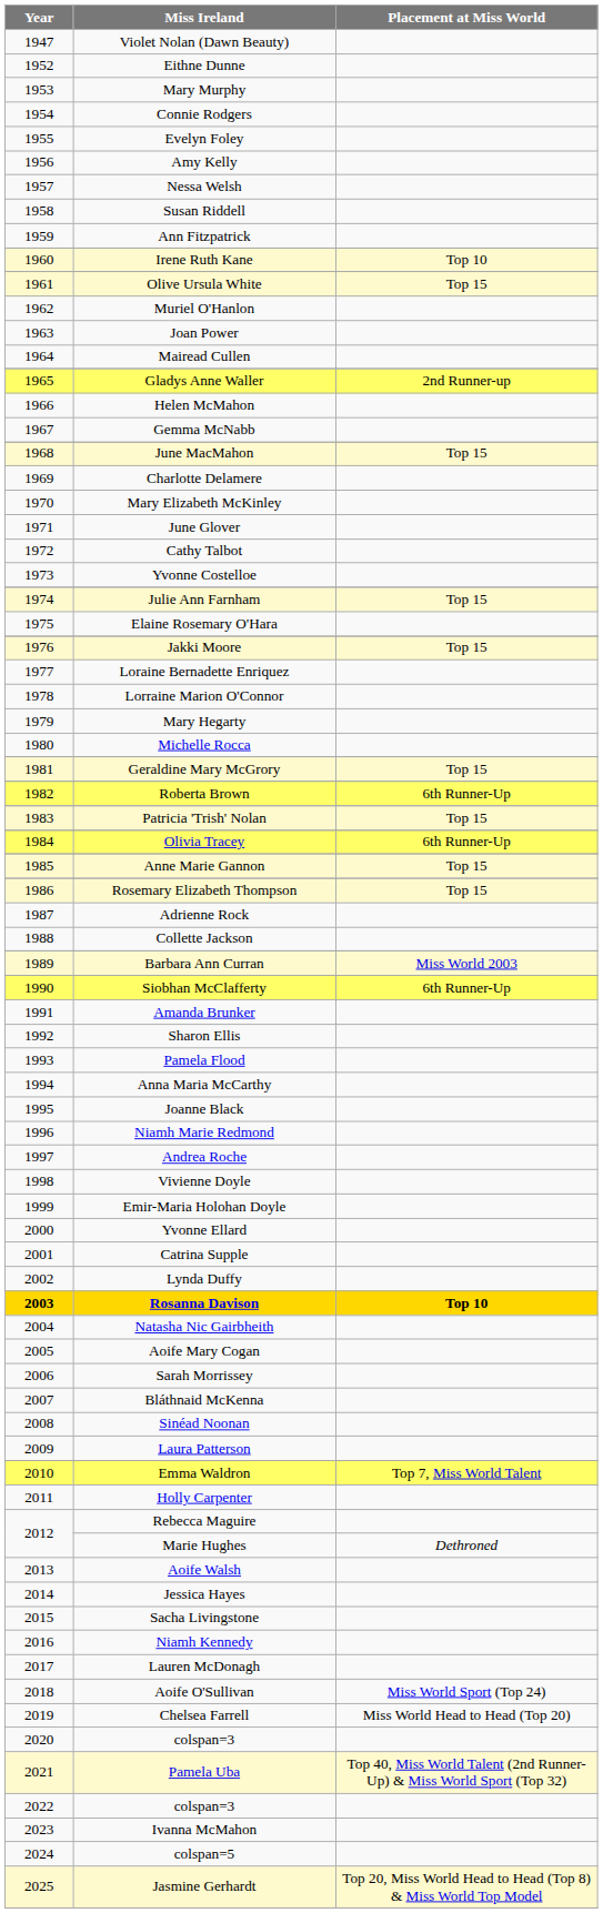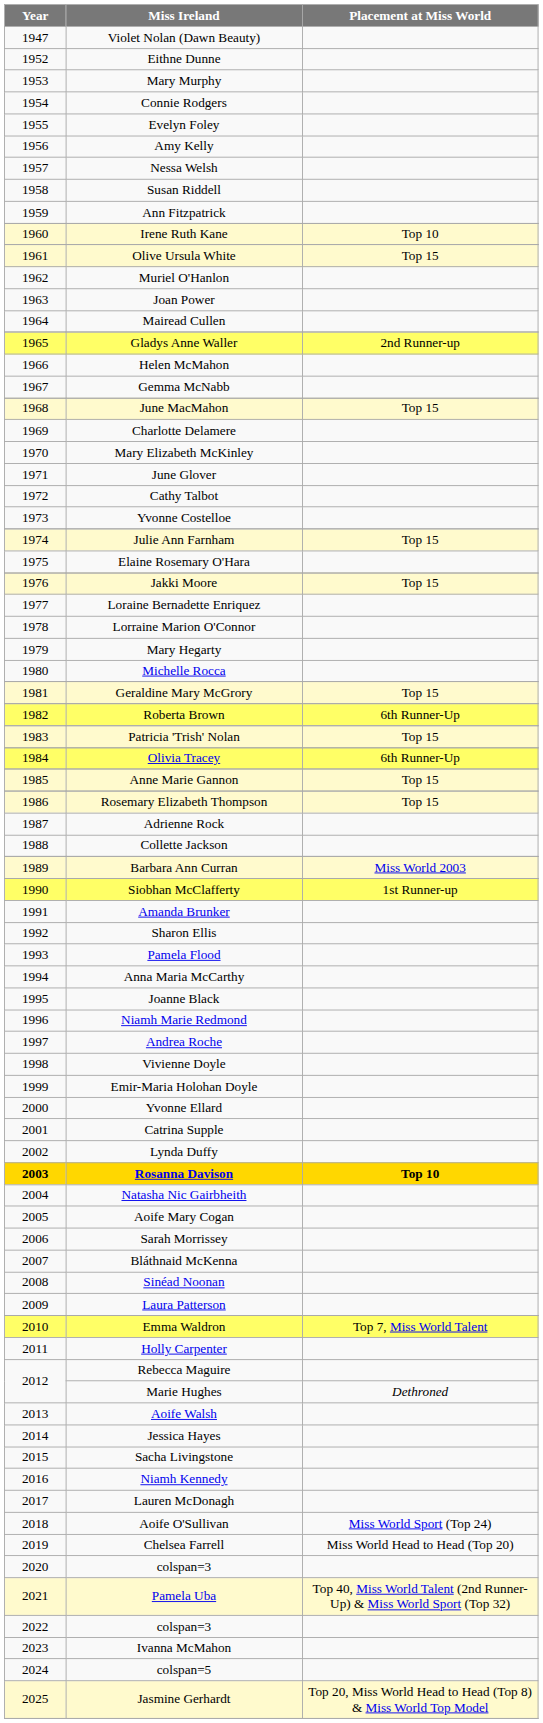 <table class="wikitable sortable" style="font-size: 90%; text-align:center">
 <tr>
 <th width="60" style="background-color:#787878;color:#FFFFFF;">Year</th>
 <th width="250" style="background-color:#787878;color:#FFFFFF;">Miss Ireland</th>
 <th width="250" style="background-color:#787878;color:#FFFFFF;">Placement at Miss World</th>
 </tr>
 <tr>
 <td>1947</td>
 <td>Violet Nolan (Dawn Beauty)</td>
 <td></td>
 </tr>
 <tr>
 <td>1952</td>
 <td>Eithne Dunne</td>
 <td></td>
 </tr>
 <tr>
 <td>1953</td>
 <td>Mary Murphy</td>
 <td></td>
 </tr>
 <tr>
 <td>1954</td>
 <td>Connie Rodgers</td>
 <td></td>
 </tr>
 <tr>
 <td>1955</td>
 <td>Evelyn Foley</td>
 <td></td>
 </tr>
 <tr>
 <td>1956</td>
 <td>Amy Kelly</td>
 <td></td>
 </tr>
 <tr>
 <td>1957</td>
 <td>Nessa Welsh</td>
 <td></td>
 </tr>
 <tr>
 <td>1958</td>
 <td>Susan Riddell</td>
 <td></td>
 </tr>
 <tr>
 <td>1959</td>
 <td>Ann Fitzpatrick</td>
 <td></td>
 </tr>
 <tr>
 </tr>
 <tr style="background-color:#FFFACD;">
 <td>1960</td>
 <td>Irene Ruth Kane</td>
 <td>Top 10</td>
 </tr>
 <tr>
 </tr>
 <tr style="background-color:#FFFACD;">
 <td>1961</td>
 <td>Olive Ursula White</td>
 <td>Top 15</td>
 </tr>
 <tr>
 <td>1962</td>
 <td>Muriel O'Hanlon</td>
 <td></td>
 </tr>
 <tr>
 <td>1963</td>
 <td>Joan Power</td>
 <td></td>
 </tr>
 <tr>
 <td>1964</td>
 <td>Mairead Cullen</td>
 <td></td>
 </tr>
 <tr>
 </tr>
 <tr style="background-color:#FFFF66;">
 <td>1965</td>
 <td>Gladys Anne Waller</td>
 <td>2nd Runner-up</td>
 </tr>
 <tr>
 <td>1966</td>
 <td>Helen McMahon</td>
 <td></td>
 </tr>
 <tr>
 <td>1967</td>
 <td>Gemma McNabb</td>
 <td></td>
 </tr>
 <tr>
 </tr>
 <tr style="background-color:#FFFACD;">
 <td>1968</td>
 <td>June MacMahon</td>
 <td>Top 15</td>
 </tr>
 <tr>
 <td>1969</td>
 <td>Charlotte Delamere</td>
 <td></td>
 </tr>
 <tr>
 <td>1970</td>
 <td>Mary Elizabeth McKinley</td>
 <td></td>
 </tr>
 <tr>
 <td>1971</td>
 <td>June Glover</td>
 <td></td>
 </tr>
 <tr>
 <td>1972</td>
 <td>Cathy Talbot</td>
 <td></td>
 </tr>
 <tr>
 <td>1973</td>
 <td>Yvonne Costelloe</td>
 <td></td>
 </tr>
 <tr>
 </tr>
 <tr style="background-color:#FFFACD;">
 <td>1974</td>
 <td>Julie Ann Farnham</td>
 <td>Top 15</td>
 </tr>
 <tr>
 <td>1975</td>
 <td>Elaine Rosemary O'Hara</td>
 <td></td>
 </tr>
 <tr>
 </tr>
 <tr style="background-color:#FFFACD;">
 <td>1976</td>
 <td>Jakki Moore</td>
 <td>Top 15</td>
 </tr>
 <tr>
 <td>1977</td>
 <td>Loraine Bernadette Enriquez</td>
 <td></td>
 </tr>
 <tr>
 <td>1978</td>
 <td>Lorraine Marion O'Connor</td>
 <td></td>
 </tr>
 <tr>
 <td>1979</td>
 <td>Mary Hegarty</td>
 <td></td>
 </tr>
 <tr>
 <td>1980</td>
 <td><a href='#'>Michelle Rocca</a></td>
 <td></td>
 </tr>
 <tr>
 </tr>
 <tr style="background-color:#FFFACD;">
 <td>1981</td>
 <td>Geraldine Mary McGrory</td>
 <td>Top 15</td>
 </tr>
 <tr>
 </tr>
 <tr style="background-color:#FFFF66;">
 <td>1982</td>
 <td>Roberta Brown</td>
 <td>6th Runner-Up</td>
 </tr>
 <tr>
 </tr>
 <tr style="background-color:#FFFACD;">
 <td>1983</td>
 <td>Patricia 'Trish' Nolan</td>
 <td>Top 15</td>
 </tr>
 <tr>
 </tr>
 <tr style="background-color:#FFFF66;">
 <td>1984</td>
 <td><a href='#'>Olivia Tracey</a></td>
 <td>6th Runner-Up</td>
 </tr>
 <tr>
 </tr>
 <tr style="background-color:#FFFACD;">
 <td>1985</td>
 <td>Anne Marie Gannon</td>
 <td>Top 15</td>
 </tr>
 <tr>
 </tr>
 <tr style="background-color:#FFFACD; ">
 <td>1986</td>
 <td>Rosemary Elizabeth Thompson</td>
 <td>Top 15</td>
 </tr>
 <tr>
 <td>1987</td>
 <td>Adrienne Rock</td>
 <td></td>
 </tr>
 <tr>
 <td>1988</td>
 <td>Collette Jackson</td>
 <td></td>
 </tr>
 <tr>
 </tr>
 <tr style="background-color:#FFFACD;">
 <td>1989</td>
 <td>Barbara Ann Curran</td>
 <td><a href='#'>Miss World 2003</a></td>
 </tr>
 <tr>
 </tr>
 <tr style="background-color:#FFFF66;">
 <td>1990</td>
 <td>Siobhan McClafferty</td>
-<td>6th Runner-Up</td>
+<td>1st Runner-up</td>
 </tr>
 <tr>
 <td>1991</td>
 <td><a href='#'>Amanda Brunker</a></td>
 <td></td>
 </tr>
 <tr>
 <td>1992</td>
 <td>Sharon Ellis</td>
 <td></td>
 </tr>
 <tr>
 <td>1993</td>
 <td><a href='#'>Pamela Flood</a></td>
 <td></td>
 </tr>
 <tr>
 <td>1994</td>
 <td>Anna Maria McCarthy</td>
 <td></td>
 </tr>
 <tr>
 <td>1995</td>
 <td>Joanne Black</td>
 <td></td>
 </tr>
 <tr>
 <td>1996</td>
 <td><a href='#'>Niamh Marie Redmond</a></td>
 <td></td>
 </tr>
 <tr>
 <td>1997</td>
 <td><a href='#'>Andrea Roche</a></td>
 <td></td>
 </tr>
 <tr>
 <td>1998</td>
 <td>Vivienne Doyle</td>
 <td></td>
 </tr>
 <tr>
 <td>1999</td>
 <td>Emir-Maria Holohan Doyle</td>
 <td></td>
 </tr>
 <tr>
 <td>2000</td>
 <td>Yvonne Ellard</td>
 <td></td>
 </tr>
 <tr>
 <td>2001</td>
 <td>Catrina Supple</td>
 <td></td>
 </tr>
 <tr>
 <td>2002</td>
 <td>Lynda Duffy</td>
 <td></td>
 </tr>
 <tr style="background-color:gold; font-weight: bold">
 <td>2003</td>
 <td><a href='#'>Rosanna Davison</a></td>
 <td>Top 10</td>
 </tr>
 <tr>
 <td>2004</td>
 <td><a href='#'>Natasha Nic Gairbheith</a></td>
 <td></td>
 </tr>
 <tr>
 <td>2005</td>
 <td>Aoife Mary Cogan</td>
 <td></td>
 </tr>
 <tr>
 <td>2006</td>
 <td>Sarah Morrissey</td>
 <td></td>
 </tr>
 <tr>
 <td>2007</td>
 <td>Bláthnaid McKenna</td>
 <td></td>
 </tr>
 <tr>
 <td>2008</td>
 <td><a href='#'>Sinéad Noonan</a></td>
 <td></td>
 </tr>
 <tr>
 <td>2009</td>
 <td><a href='#'>Laura Patterson</a></td>
 <td></td>
 </tr>
 <tr>
 </tr>
 <tr style="background-color:#FFFF66;">
 <td>2010</td>
 <td>Emma Waldron</td>
 <td>Top 7, <a href='#'>Miss World Talent</a></td>
 </tr>
 <tr>
 <td>2011</td>
 <td><a href='#'>Holly Carpenter</a></td>
 <td></td>
 </tr>
 <tr>
 <td rowspan="2">2012</td>
 <td>Rebecca Maguire</td>
 <td></td>
 </tr>
 <tr>
 <td>Marie Hughes</td>
 <td colspan="2" style="text-align:center;"><em>Dethroned</em></td>
 </tr>
 <tr>
 <td>2013</td>
 <td><a href='#'>Aoife Walsh</a></td>
 <td></td>
 </tr>
 <tr>
 <td>2014</td>
 <td>Jessica Hayes</td>
 <td></td>
 </tr>
 <tr>
 <td>2015</td>
 <td>Sacha Livingstone</td>
 <td></td>
 </tr>
 <tr>
 <td>2016</td>
 <td><a href='#'>Niamh Kennedy</a></td>
 <td></td>
 </tr>
 <tr>
 <td>2017</td>
 <td>Lauren McDonagh</td>
 <td></td>
 </tr>
 <tr>
 <td>2018</td>
 <td>Aoife O'Sullivan</td>
 <td><a href='#'>Miss World Sport</a> (Top 24)</td>
 </tr>
 <tr>
 <td>2019</td>
 <td>Chelsea Farrell</td>
 <td>Miss World Head to Head (Top 20)</td>
 </tr>
 <tr>
 <td>2020</td>
 <td>colspan=3 </td>
 </tr>
 <tr style="background-color:#FFFACD;">
 <td>2021</td>
 <td><a href='#'>Pamela Uba</a></td>
 <td>Top 40, <a href='#'>Miss World Talent</a> (2nd Runner-Up) & <a href='#'>Miss World Sport</a> (Top 32)</td>
 </tr>
 <tr>
 <td>2022</td>
 <td>colspan=3 </td>
 </tr>
 <tr>
 <td>2023</td>
 <td>Ivanna McMahon</td>
 <td></td>
 </tr>
 <tr>
 <td>2024</td>
 <td>colspan=5 </td>
 </tr>
 <tr style="background-color:#FFFACD;">
 <td>2025</td>
 <td>Jasmine Gerhardt</td>
 <td>Top 20, Miss World Head to Head (Top 8) & <a href='#'>Miss World Top Model</a></td>
 </tr>
 <tr>
 </tr>
 </table>
